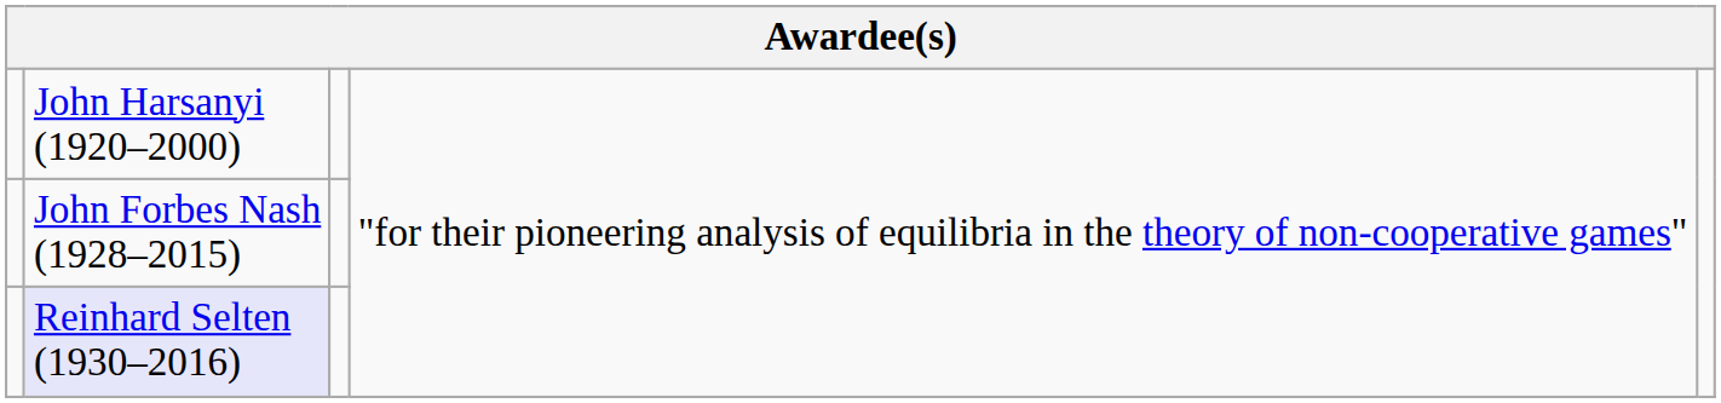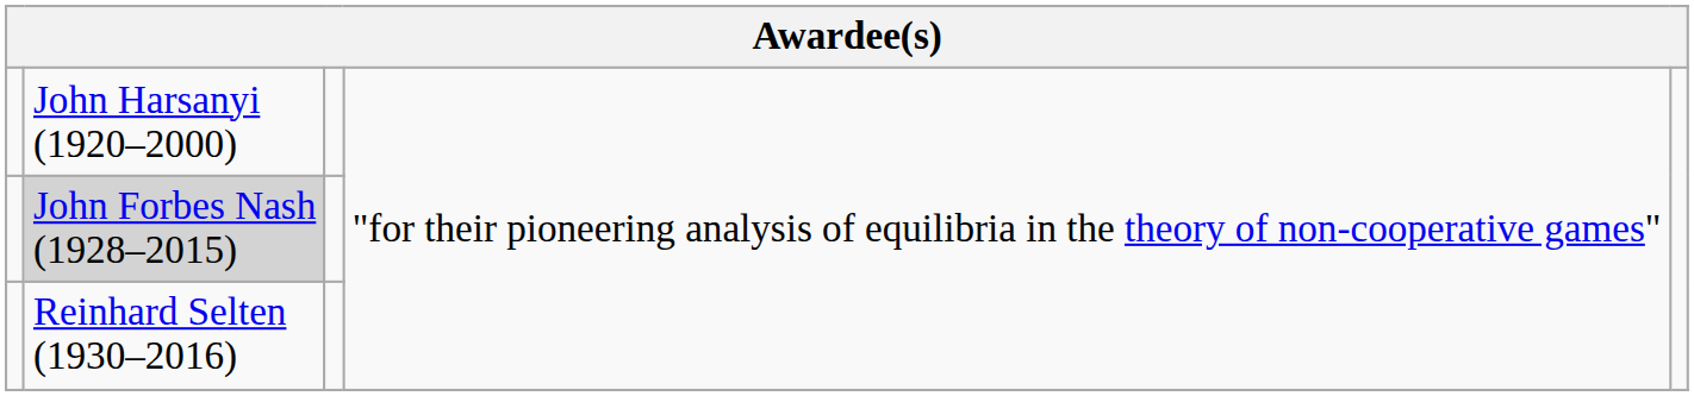 <table class="wikitable">
 <tr>
 <th colspan="5">Awardee(s)</th>
 </tr>
 <tr>
 <td></td>
 <td><a href='#'>John Harsanyi</a><br>(1920–2000)</td>
 <td><br></td>
 <td rowspan="3">"for their pioneering analysis of equilibria in the <a href='#'>theory of non-cooperative games</a>"</td>
 <td rowspan="3"></td>
 </tr>
 <tr>
 <td></td>
-<td><a href='#'>John Forbes Nash</a><br>(1928–2015)</td>
+<td style="background: lightgrey;"><a href='#'>John Forbes Nash</a><br>(1928–2015)</td>
 <td></td>
 </tr>
 <tr>
 <td></td>
-<td style="background: lavender;"><a href='#'>Reinhard Selten</a><br>(1930–2016)</td>
+<td><a href='#'>Reinhard Selten</a><br>(1930–2016)</td>
 <td></td>
 </tr>
 </table>
